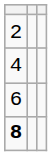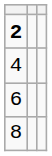 <table class="wikitable">
 <tr>
 <th></th>
 <th></th>
 <th></th>
 </tr>
 <tr>
-<td>2</td>
+<td><strong>2</strong></td>
 <td></td>
 <td></td>
 </tr>
 <tr>
 <td>4</td>
 <td></td>
 <td></td>
 </tr>
 <tr>
 <td>6</td>
 <td></td>
 <td></td>
 </tr>
 <tr>
-<td><strong>8</strong></td>
+<td>8</td>
 <td></td>
 <td></td>
 </tr>
 </table>
